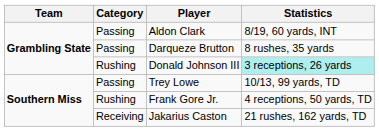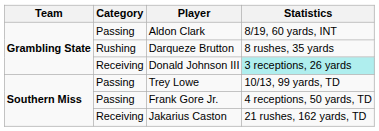 <table class="wikitable" style="float: left;">
 <tr>
 <th>Team</th>
 <th>Category</th>
 <th>Player</th>
 <th>Statistics</th>
 </tr>
 <tr>
 <td rowspan=3><strong>Grambling State</strong></td>
 <td>Passing</td>
 <td>Aldon Clark</td>
 <td>8/19, 60 yards, INT</td>
 </tr>
 <tr>
-<td>Passing</td>
+<td>Rushing</td>
 <td>Darqueze Brutton</td>
 <td>8 rushes, 35 yards</td>
 </tr>
 <tr>
-<td>Rushing</td>
+<td>Receiving</td>
 <td>Donald Johnson III</td>
 <td style="background: paleturquoise;">3 receptions, 26 yards</td>
 </tr>
 <tr>
 <td rowspan=3><strong>Southern Miss</strong></td>
 <td>Passing</td>
 <td>Trey Lowe</td>
 <td>10/13, 99 yards, TD</td>
 </tr>
 <tr>
-<td>Rushing</td>
+<td>Passing</td>
 <td>Frank Gore Jr.</td>
 <td>4 receptions, 50 yards, TD</td>
 </tr>
 <tr>
 <td>Receiving</td>
 <td>Jakarius Caston</td>
 <td>21 rushes, 162 yards, TD</td>
 </tr>
 </table>
